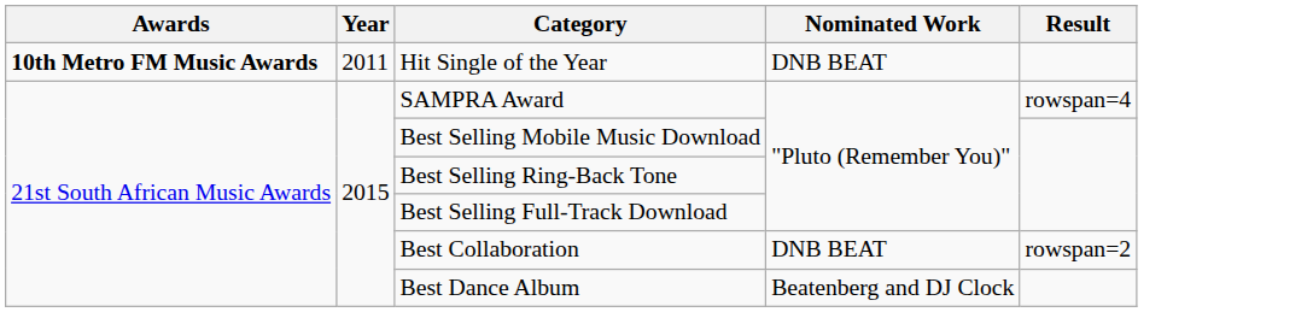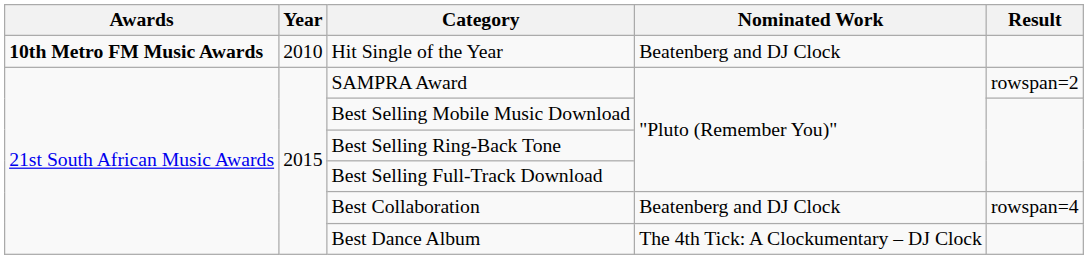 <table class="wikitable">
 <tr>
 <th>Awards</th>
 <th>Year</th>
 <th>Category</th>
 <th>Nominated Work</th>
 <th>Result</th>
 </tr>
 <tr>
 <td><strong>10th Metro FM Music Awards</strong></td>
-<td>2011</td>
+<td>2010</td>
 <td>Hit Single of the Year</td>
-<td>DNB BEAT</td>
+<td>Beatenberg and DJ Clock</td>
 <td></td>
 </tr>
 <tr>
 <td rowspan=6><a href='#'>21st South African Music Awards</a></td>
 <td rowspan=6>2015</td>
 <td>SAMPRA Award</td>
 <td rowspan=4>"Pluto (Remember You)"</td>
-<td>rowspan=4 </td>
+<td>rowspan=2 </td>
 </tr>
 <tr>
 <td>Best Selling Mobile Music Download</td>
 </tr>
 <tr>
 <td>Best Selling Ring-Back Tone</td>
 </tr>
 <tr>
 <td>Best Selling Full-Track Download</td>
 </tr>
 <tr>
 <td>Best Collaboration</td>
-<td>DNB BEAT</td>
-<td>rowspan=2 </td>
+<td>Beatenberg and DJ Clock</td>
+<td>rowspan=4 </td>
 </tr>
 <tr>
 <td>Best Dance Album</td>
-<td>Beatenberg and DJ Clock</td>
+<td>The 4th Tick: A Clockumentary – DJ Clock</td>
 </tr>
 </table>
